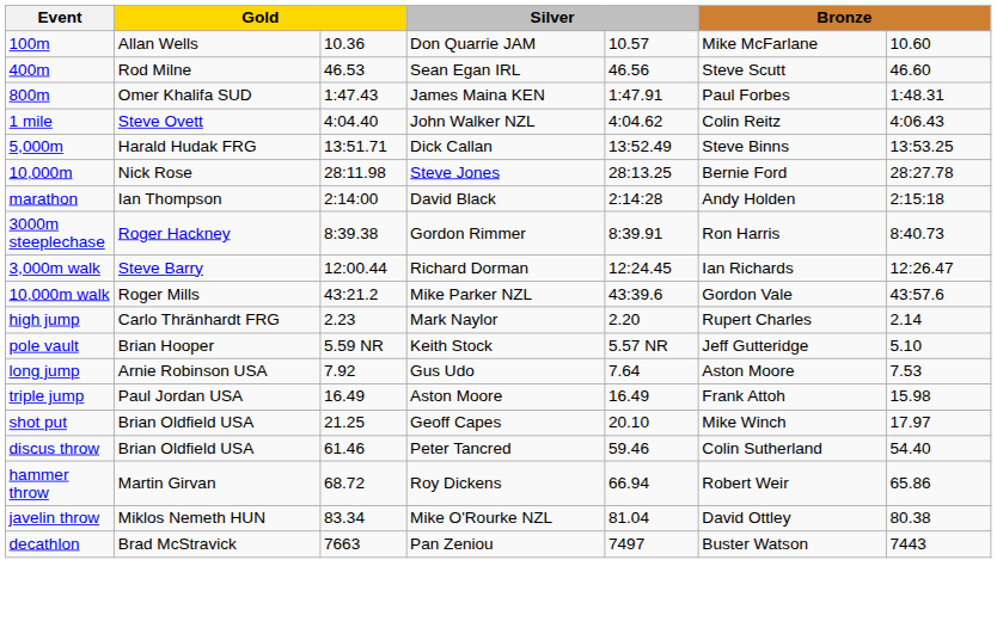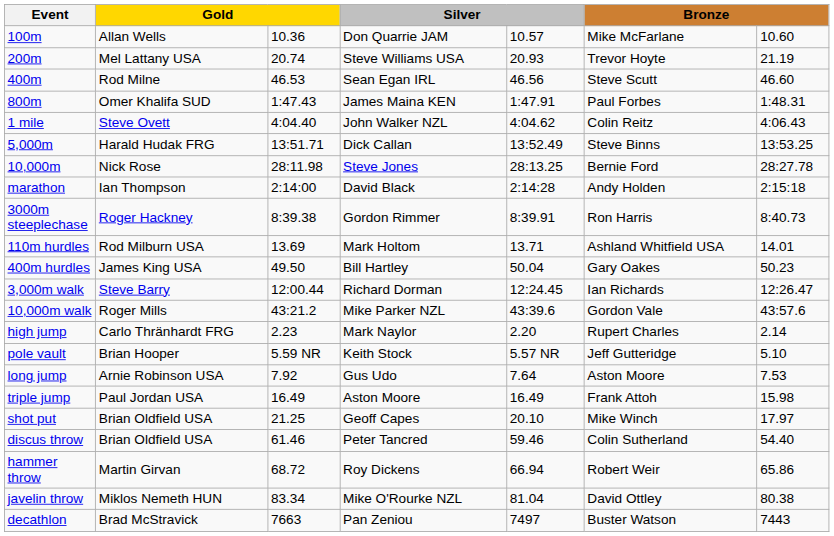 <table class="wikitable" style="text-align:left">
 <tr>
 <th width=100>Event</th>
 <th colspan="2" width="280" style="background:gold;">Gold</th>
 <th colspan="2" width="280" style="background:silver;">Silver</th>
 <th colspan="2" width="280" style="background:#CD7F32;">Bronze</th>
 </tr>
 <tr>
 <td><a href='#'>100m</a></td>
 <td> Allan Wells</td>
 <td>10.36</td>
 <td>Don Quarrie JAM</td>
 <td>10.57</td>
 <td>Mike McFarlane</td>
 <td>10.60</td>
+</tr>
+<tr>
+<td><a href='#'>200m</a></td>
+<td>Mel Lattany USA</td>
+<td>20.74</td>
+<td>Steve Williams USA</td>
+<td>20.93</td>
+<td>Trevor Hoyte</td>
+<td>21.19</td>
 </tr>
 <tr>
 <td><a href='#'>400m</a></td>
 <td>Rod Milne</td>
 <td>46.53</td>
 <td>Sean Egan IRL</td>
 <td>46.56</td>
 <td>Steve Scutt</td>
 <td>46.60</td>
 </tr>
 <tr>
 <td><a href='#'>800m</a></td>
 <td>Omer Khalifa SUD</td>
 <td>1:47.43</td>
 <td>James Maina KEN</td>
 <td>1:47.91</td>
 <td> Paul Forbes</td>
 <td>1:48.31</td>
 </tr>
 <tr>
 <td><a href='#'>1 mile</a></td>
 <td><a href='#'>Steve Ovett</a></td>
 <td>4:04.40</td>
 <td>John Walker NZL</td>
 <td>4:04.62</td>
 <td>Colin Reitz</td>
 <td>4:06.43</td>
 </tr>
 <tr>
 <td><a href='#'>5,000m</a></td>
 <td>Harald Hudak FRG</td>
 <td>13:51.71</td>
 <td>Dick Callan</td>
 <td>13:52.49</td>
 <td>Steve Binns</td>
 <td>13:53.25</td>
 </tr>
 <tr>
 <td><a href='#'>10,000m</a></td>
 <td>Nick Rose</td>
 <td>28:11.98</td>
 <td> <a href='#'>Steve Jones</a></td>
 <td>28:13.25</td>
 <td>Bernie Ford</td>
 <td>28:27.78</td>
 </tr>
 <tr>
 <td><a href='#'>marathon</a></td>
 <td>Ian Thompson</td>
 <td>2:14:00</td>
 <td>David Black</td>
 <td>2:14:28</td>
 <td>Andy Holden</td>
 <td>2:15:18</td>
 </tr>
 <tr>
 <td><a href='#'>3000m steeplechase</a></td>
 <td> <a href='#'>Roger Hackney</a></td>
 <td>8:39.38</td>
 <td> Gordon Rimmer</td>
 <td>8:39.91</td>
 <td>Ron Harris</td>
 <td>8:40.73</td>
+</tr>
+<tr>
+<td><a href='#'>110m hurdles</a></td>
+<td>Rod Milburn USA</td>
+<td>13.69</td>
+<td>Mark Holtom</td>
+<td>13.71</td>
+<td>Ashland Whitfield USA</td>
+<td>14.01</td>
+</tr>
+<tr>
+<td><a href='#'>400m hurdles</a></td>
+<td>James King USA</td>
+<td>49.50</td>
+<td>Bill Hartley</td>
+<td>50.04</td>
+<td>Gary Oakes</td>
+<td>50.23</td>
 </tr>
 <tr>
 <td><a href='#'>3,000m walk</a></td>
 <td> <a href='#'>Steve Barry</a></td>
 <td>12:00.44</td>
 <td>Richard Dorman</td>
 <td>12:24.45</td>
 <td>Ian Richards</td>
 <td>12:26.47</td>
 </tr>
 <tr>
 <td><a href='#'>10,000m walk</a></td>
 <td>Roger Mills</td>
 <td>43:21.2</td>
 <td>Mike Parker NZL</td>
 <td>43:39.6</td>
 <td>Gordon Vale</td>
 <td>43:57.6</td>
 </tr>
 <tr>
 <td><a href='#'>high jump</a></td>
 <td>Carlo Thränhardt FRG</td>
 <td>2.23</td>
 <td>Mark Naylor</td>
 <td>2.20</td>
 <td>Rupert Charles</td>
 <td>2.14</td>
 </tr>
 <tr>
 <td><a href='#'>pole vault</a></td>
 <td>Brian Hooper</td>
 <td>5.59 NR</td>
 <td>Keith Stock</td>
 <td>5.57 NR</td>
 <td>Jeff Gutteridge</td>
 <td>5.10</td>
 </tr>
 <tr>
 <td><a href='#'>long jump</a></td>
 <td>Arnie Robinson USA</td>
 <td>7.92</td>
 <td>Gus Udo</td>
 <td>7.64</td>
 <td>Aston Moore</td>
 <td>7.53</td>
 </tr>
 <tr>
 <td><a href='#'>triple jump</a></td>
 <td>Paul Jordan USA</td>
 <td>16.49</td>
 <td>Aston Moore</td>
 <td>16.49</td>
 <td>Frank Attoh</td>
 <td>15.98</td>
 </tr>
 <tr>
 <td><a href='#'>shot put</a></td>
 <td>Brian Oldfield USA</td>
 <td>21.25</td>
 <td>Geoff Capes</td>
 <td>20.10</td>
 <td>Mike Winch</td>
 <td>17.97</td>
 </tr>
 <tr>
 <td><a href='#'>discus throw</a></td>
 <td>Brian Oldfield USA</td>
 <td>61.46</td>
 <td>Peter Tancred</td>
 <td>59.46</td>
 <td> Colin Sutherland</td>
 <td>54.40</td>
 </tr>
 <tr>
 <td><a href='#'>hammer throw</a></td>
 <td>Martin Girvan</td>
 <td>68.72</td>
 <td>Roy Dickens</td>
 <td>66.94</td>
 <td>Robert Weir</td>
 <td>65.86</td>
 </tr>
 <tr>
 <td><a href='#'>javelin throw</a></td>
 <td>Miklos Nemeth HUN</td>
 <td>83.34</td>
 <td>Mike O'Rourke NZL</td>
 <td>81.04</td>
 <td>David Ottley</td>
 <td>80.38</td>
 </tr>
 <tr>
 <td><a href='#'>decathlon</a></td>
 <td> Brad McStravick</td>
 <td>7663</td>
 <td>Pan Zeniou</td>
 <td>7497</td>
 <td>Buster Watson</td>
 <td>7443</td>
 </tr>
 </table>
